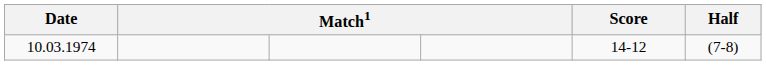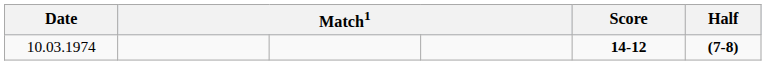 <table width=750 class="wikitable">
 <tr bgcolor="lightsteelblue">
 <th width=15%>Date</th>
 <th width=60% colspan=3>Match<sup>1</sup></th>
 <th width=15%>Score</th>
 <th>Half</th>
 </tr>
 <tr style=font-size:95%>
 <td align=center>10.03.1974</td>
 <td align=right><strong></strong></td>
 <td></td>
 <td align=left></td>
-<td align=center>14-12</td>
-<td align=center>(7-8)</td>
+<td align=center><strong>14-12</strong></td>
+<td align=center><strong>(7-8)</strong></td>
 </tr>
 </table>
